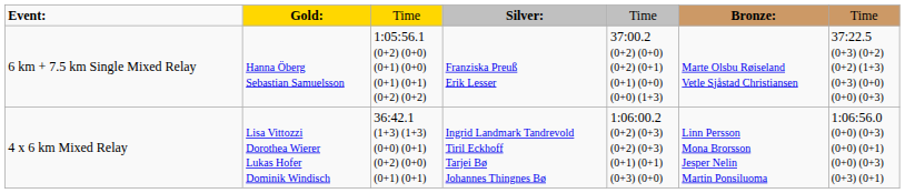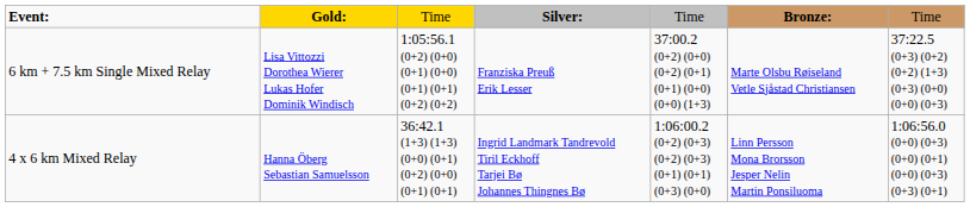 <table class="wikitable" border="1" style="width:85%;">
 <tr>
 <td><strong>Event:</strong></td>
 <td style="text-align:center;background-color:gold;"><strong>Gold:</strong></td>
 <td style="text-align:center;background-color:gold;">Time</td>
 <td style="text-align:center;background-color:silver;"><strong>Silver:</strong></td>
 <td style="text-align:center;background-color:silver;">Time</td>
 <td style="text-align:center;background-color:#CC9966;"><strong>Bronze:</strong></td>
 <td style="text-align:center;background-color:#CC9966;">Time</td>
 </tr>
 <tr>
 <td>6 km + 7.5 km Single Mixed Relay</td>
-<td><strong></strong><br><small><a href='#'>Hanna Öberg</a><br><a href='#'>Sebastian Samuelsson</a></small></td>
+<td><strong></strong><br><small><a href='#'>Lisa Vittozzi</a><br><a href='#'>Dorothea Wierer</a><br><a href='#'>Lukas Hofer</a><br><a href='#'>Dominik Windisch</a></small></td>
 <td>1:05:56.1<br><small>(0+2) (0+0)<br>(0+1) (0+0)<br>(0+1) (0+1)<br>(0+2) (0+2)</small></td>
 <td><br><small><a href='#'>Franziska Preuß</a><br><a href='#'>Erik Lesser</a></small></td>
 <td>37:00.2<br><small>(0+2) (0+0)<br>(0+2) (0+1)<br>(0+1) (0+0)<br>(0+0) (1+3)</small></td>
 <td><br><small><a href='#'>Marte Olsbu Røiseland</a><br><a href='#'>Vetle Sjåstad Christiansen</a></small></td>
 <td>37:22.5<br><small>(0+3) (0+2)<br>(0+2) (1+3)<br>(0+3) (0+0)<br>(0+0) (0+3)</small></td>
 </tr>
 <tr>
 <td>4 x 6 km Mixed Relay</td>
-<td><strong></strong><br><small><a href='#'>Lisa Vittozzi</a><br><a href='#'>Dorothea Wierer</a><br><a href='#'>Lukas Hofer</a><br><a href='#'>Dominik Windisch</a></small></td>
+<td><strong></strong><br><small><a href='#'>Hanna Öberg</a><br><a href='#'>Sebastian Samuelsson</a></small></td>
 <td>36:42.1<br><small>(1+3) (1+3)<br>(0+0) (0+1)<br>(0+2) (0+0)<br>(0+1) (0+1)</small></td>
 <td><br><small><a href='#'>Ingrid Landmark Tandrevold</a><br><a href='#'>Tiril Eckhoff</a><br><a href='#'>Tarjei Bø</a><br><a href='#'>Johannes Thingnes Bø</a></small></td>
 <td>1:06:00.2<br><small>(0+2) (0+3)<br>(0+2) (0+3)<br>(0+1) (0+1)<br>(0+3) (0+0)</small></td>
 <td><br><small><a href='#'>Linn Persson</a><br><a href='#'>Mona Brorsson</a><br><a href='#'>Jesper Nelin</a><br><a href='#'>Martin Ponsiluoma</a></small></td>
 <td>1:06:56.0<br><small>(0+0) (0+3)<br>(0+0) (0+1)<br>(0+0) (0+3)<br>(0+3) (0+1)</small></td>
 </tr>
 </table>
